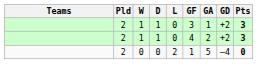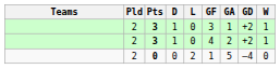 <table class="wikitable" style="text-align: center;">
 <tr>
 <th width=165>Teams</th>
 <th width=20>Pld</th>
-<th width=20>W</th>
+<th width=20>Pts</th>
 <th width=20>D</th>
 <th width=20>L</th>
 <th width=20>GF</th>
 <th width=20>GA</th>
 <th width=20>GD</th>
-<th width=20>Pts</th>
+<th width=20>W</th>
 </tr>
 <tr align=center style="background:#ccffcc;">
 <td style="text-align:left;"></td>
 <td>2</td>
-<td>1</td>
+<td><strong>3</strong></td>
 <td>1</td>
 <td>0</td>
 <td>3</td>
 <td>1</td>
 <td>+2</td>
-<td><strong>3</strong></td>
+<td>1</td>
 </tr>
 <tr align=center style="background:#ccffcc;">
 <td style="text-align:left;"></td>
 <td>2</td>
-<td>1</td>
+<td><strong>3</strong></td>
 <td>1</td>
 <td>0</td>
 <td>4</td>
 <td>2</td>
 <td>+2</td>
-<td><strong>3</strong></td>
+<td>1</td>
 </tr>
 <tr align=center>
 <td style="text-align:left;"></td>
 <td>2</td>
-<td>0</td>
+<td><strong>0</strong></td>
 <td>0</td>
 <td>2</td>
 <td>1</td>
 <td>5</td>
 <td>–4</td>
-<td><strong>0</strong></td>
+<td>0</td>
 </tr>
 </table>
